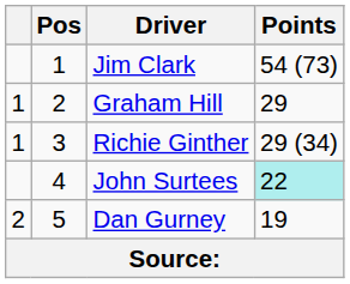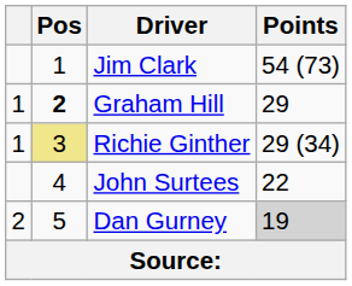 <table class="wikitable" style="font-size: 95%;">
 <tr>
 <th></th>
 <th>Pos</th>
 <th>Driver</th>
 <th>Points</th>
 </tr>
 <tr>
 <td align="left"></td>
 <td align="center">1</td>
 <td> <a href='#'>Jim Clark</a></td>
 <td align="left">54 (73)</td>
 </tr>
 <tr>
 <td align="left"> 1</td>
-<td align="center">2</td>
+<td align="center"><strong>2</strong></td>
 <td> <a href='#'>Graham Hill</a></td>
 <td align="left">29</td>
 </tr>
 <tr>
 <td align="left"> 1</td>
-<td align="center">3</td>
+<td align="center" style="background: khaki;">3</td>
 <td> <a href='#'>Richie Ginther</a></td>
 <td align="left">29 (34)</td>
 </tr>
 <tr>
 <td align="left"></td>
 <td align="center">4</td>
 <td> <a href='#'>John Surtees</a></td>
-<td align="left" style="background: paleturquoise;">22</td>
+<td align="left">22</td>
 </tr>
 <tr>
 <td align="left"> 2</td>
 <td align="center">5</td>
 <td> <a href='#'>Dan Gurney</a></td>
-<td align="left">19</td>
+<td align="left" style="background: lightgrey;">19</td>
 </tr>
 <tr>
 <th colspan=4>Source:</th>
 </tr>
 </table>
